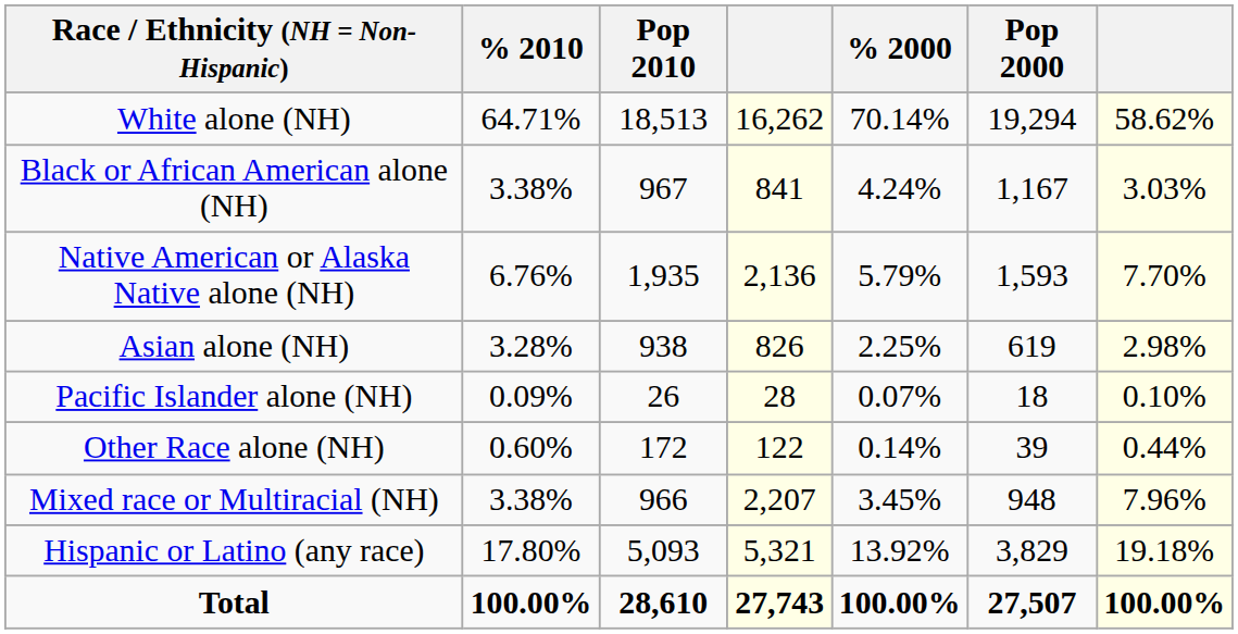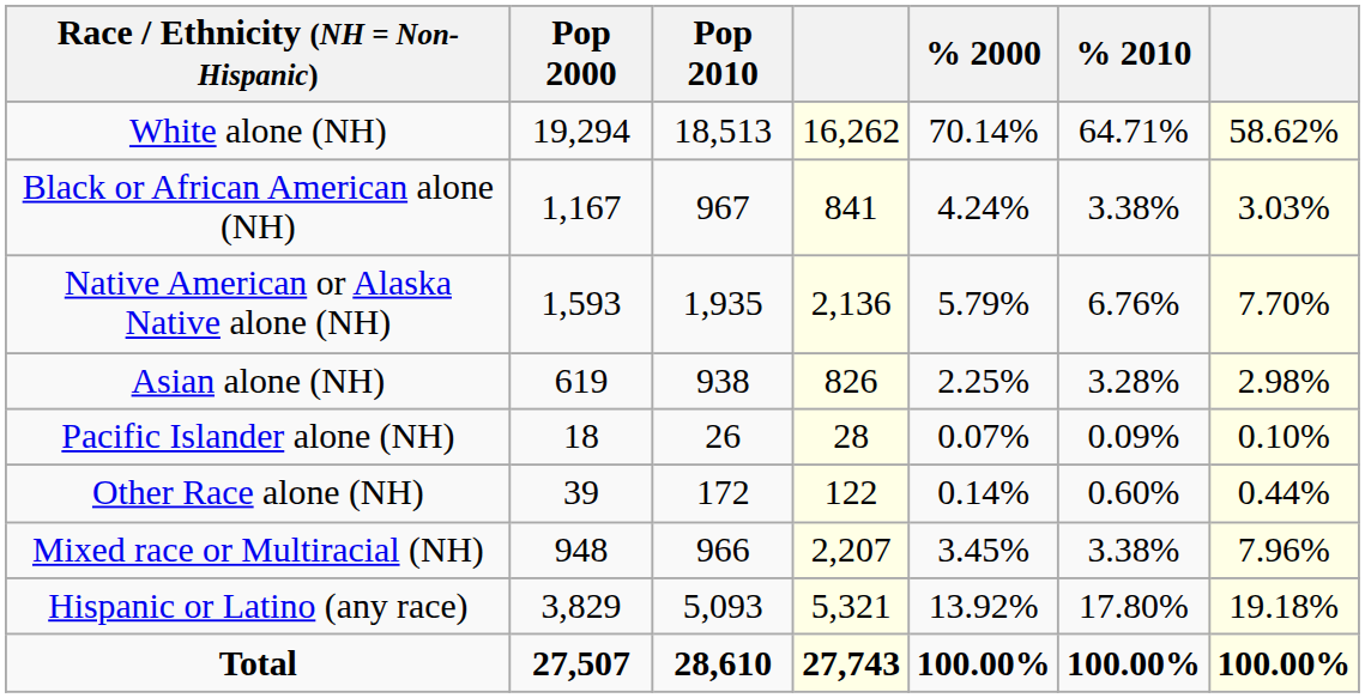 <table class="wikitable" style="text-align:center;">
 <tr>
 <th>Race / Ethnicity <small>(<em>NH = Non-Hispanic</em>)</small></th>
-<th>% 2010</th>
+<th>Pop 2000</th>
 <th>Pop 2010</th>
 <th></th>
 <th>% 2000</th>
-<th>Pop 2000</th>
+<th>% 2010</th>
 <th></th>
 </tr>
 <tr>
 <td><a href='#'>White</a> alone (NH)</td>
-<td>64.71%</td>
+<td>19,294</td>
 <td>18,513</td>
 <td style='background: #ffffe6;'>16,262</td>
 <td>70.14%</td>
-<td>19,294</td>
+<td>64.71%</td>
 <td style='background: #ffffe6;'>58.62%</td>
 </tr>
 <tr>
 <td><a href='#'>Black or African American</a> alone (NH)</td>
-<td>3.38%</td>
+<td>1,167</td>
 <td>967</td>
 <td style='background: #ffffe6;'>841</td>
 <td>4.24%</td>
-<td>1,167</td>
+<td>3.38%</td>
 <td style='background: #ffffe6;'>3.03%</td>
 </tr>
 <tr>
 <td><a href='#'>Native American</a> or <a href='#'>Alaska Native</a> alone (NH)</td>
-<td>6.76%</td>
+<td>1,593</td>
 <td>1,935</td>
 <td style='background: #ffffe6;'>2,136</td>
 <td>5.79%</td>
-<td>1,593</td>
+<td>6.76%</td>
 <td style='background: #ffffe6;'>7.70%</td>
 </tr>
 <tr>
 <td><a href='#'>Asian</a> alone (NH)</td>
-<td>3.28%</td>
+<td>619</td>
 <td>938</td>
 <td style='background: #ffffe6;'>826</td>
 <td>2.25%</td>
-<td>619</td>
+<td>3.28%</td>
 <td style='background: #ffffe6;'>2.98%</td>
 </tr>
 <tr>
 <td><a href='#'>Pacific Islander</a> alone (NH)</td>
-<td>0.09%</td>
+<td>18</td>
 <td>26</td>
 <td style='background: #ffffe6;'>28</td>
 <td>0.07%</td>
-<td>18</td>
+<td>0.09%</td>
 <td style='background: #ffffe6;'>0.10%</td>
 </tr>
 <tr>
 <td><a href='#'>Other Race</a> alone (NH)</td>
-<td>0.60%</td>
+<td>39</td>
 <td>172</td>
 <td style='background: #ffffe6;'>122</td>
 <td>0.14%</td>
-<td>39</td>
+<td>0.60%</td>
 <td style='background: #ffffe6;'>0.44%</td>
 </tr>
 <tr>
 <td><a href='#'>Mixed race or Multiracial</a> (NH)</td>
-<td>3.38%</td>
+<td>948</td>
 <td>966</td>
 <td style='background: #ffffe6;'>2,207</td>
 <td>3.45%</td>
-<td>948</td>
+<td>3.38%</td>
 <td style='background: #ffffe6;'>7.96%</td>
 </tr>
 <tr>
 <td><a href='#'>Hispanic or Latino</a> (any race)</td>
-<td>17.80%</td>
+<td>3,829</td>
 <td>5,093</td>
 <td style='background: #ffffe6;'>5,321</td>
 <td>13.92%</td>
-<td>3,829</td>
+<td>17.80%</td>
 <td style='background: #ffffe6;'>19.18%</td>
 </tr>
 <tr>
 <td><strong>Total</strong></td>
-<td><strong>100.00%</strong></td>
+<td><strong>27,507</strong></td>
 <td><strong>28,610</strong></td>
 <td style='background: #ffffe6;'><strong>27,743</strong></td>
 <td><strong>100.00%</strong></td>
-<td><strong>27,507</strong></td>
+<td><strong>100.00%</strong></td>
 <td style='background: #ffffe6;'><strong>100.00%</strong></td>
 </tr>
 </table>
